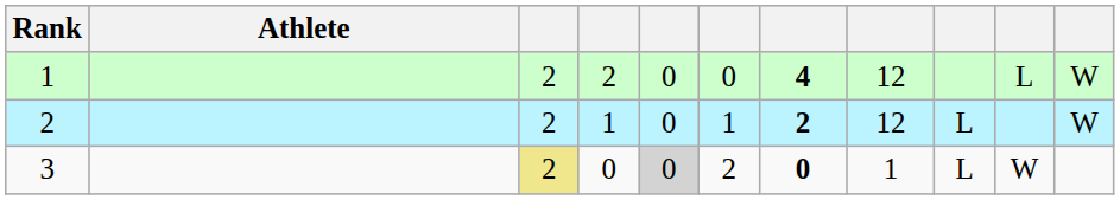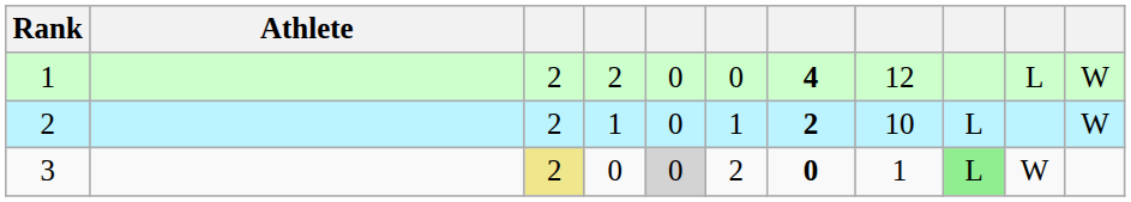 <table class="wikitable" style="text-align: center;">
 <tr>
 <th width=25>Rank</th>
 <th width=225>Athlete</th>
 <th width=25></th>
 <th width=25></th>
 <th width=25></th>
 <th width=25></th>
 <th width=40></th>
 <th width=40></th>
 <th width=25></th>
 <th width=25></th>
 <th width=25></th>
 </tr>
 <tr bgcolor=ccffcc>
 <td>1</td>
 <td align=left></td>
 <td>2</td>
 <td>2</td>
 <td>0</td>
 <td>0</td>
 <td><strong>4</strong></td>
 <td>12</td>
 <td></td>
 <td>L</td>
 <td>W</td>
 </tr>
 <tr bgcolor=bbf3ff>
 <td>2</td>
 <td align=left></td>
 <td>2</td>
 <td>1</td>
 <td>0</td>
 <td>1</td>
 <td><strong>2</strong></td>
-<td>12</td>
+<td>10</td>
 <td>L</td>
 <td></td>
 <td>W</td>
 </tr>
 <tr>
 <td>3</td>
 <td align=left></td>
 <td style="background: khaki;">2</td>
 <td>0</td>
 <td style="background: lightgrey;">0</td>
 <td>2</td>
 <td><strong>0</strong></td>
 <td>1</td>
-<td>L</td>
+<td style="background: lightgreen;">L</td>
 <td>W</td>
 <td></td>
 </tr>
 </table>
